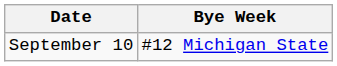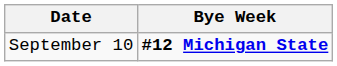 <table class="wikitable" style="font-size:95%;">
 <tr>
 <th>Date</th>
 <th colspan="1">Bye Week</th>
 </tr>
 <tr>
 <td>September 10</td>
-<td>#12 <a href='#'>Michigan State</a></td>
+<td><strong>#12 <a href='#'>Michigan State</a></strong></td>
 </tr>
 </table>
